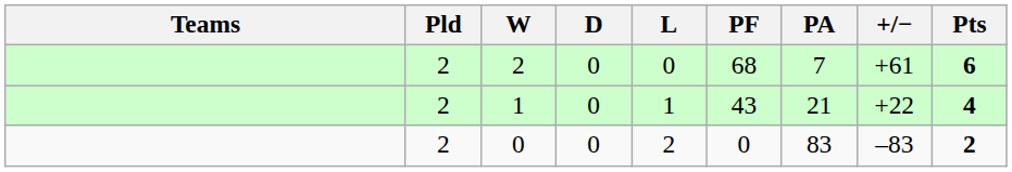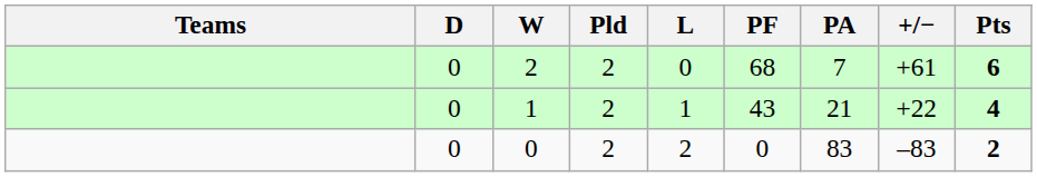 <table class="wikitable" style="text-align: center;">
 <tr>
 <th width="245">Teams</th>
+<th width="40">D</th>
+<th width="40">W</th>
 <th width="40">Pld</th>
-<th width="40">W</th>
-<th width="40">D</th>
 <th width="40">L</th>
 <th width="40">PF</th>
 <th width="40">PA</th>
 <th width="40">+/−</th>
 <th width="40">Pts</th>
 </tr>
 <tr bgcolor=ccffcc>
 <td align=left></td>
+<td>0</td>
 <td>2</td>
 <td>2</td>
-<td>0</td>
 <td>0</td>
 <td>68</td>
 <td>7</td>
 <td>+61</td>
 <td><strong>6</strong></td>
 </tr>
 <tr bgcolor=ccffcc>
 <td align=left></td>
+<td>0</td>
+<td>1</td>
 <td>2</td>
-<td>1</td>
-<td>0</td>
 <td>1</td>
 <td>43</td>
 <td>21</td>
 <td>+22</td>
 <td><strong>4</strong></td>
 </tr>
 <tr>
 <td align=left></td>
-<td>2</td>
 <td>0</td>
 <td>0</td>
+<td>2</td>
 <td>2</td>
 <td>0</td>
 <td>83</td>
 <td>–83</td>
 <td><strong>2</strong></td>
 </tr>
 </table>
